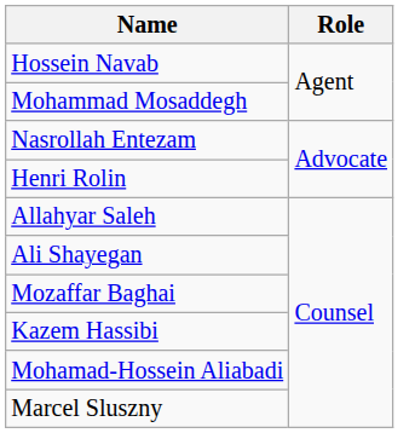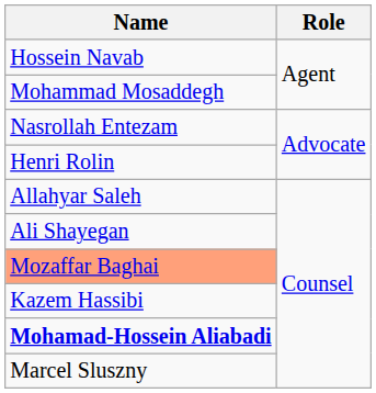 <table class="wikitable">
 <tr>
 <th>Name</th>
 <th>Role</th>
 </tr>
 <tr>
 <td> <a href='#'>Hossein Navab</a></td>
 <td rowspan=2>Agent</td>
 </tr>
 <tr>
 <td> <a href='#'>Mohammad Mosaddegh</a></td>
 </tr>
 <tr>
 <td> <a href='#'>Nasrollah Entezam</a></td>
 <td rowspan=2><a href='#'>Advocate</a></td>
 </tr>
 <tr>
 <td> <a href='#'>Henri Rolin</a></td>
 </tr>
 <tr>
 <td> <a href='#'>Allahyar Saleh</a></td>
 <td rowspan=6><a href='#'>Counsel</a></td>
 </tr>
 <tr>
 <td> <a href='#'>Ali Shayegan</a></td>
 </tr>
 <tr>
-<td> <a href='#'>Mozaffar Baghai</a></td>
+<td style="background: lightsalmon;"> <a href='#'>Mozaffar Baghai</a></td>
 </tr>
 <tr>
 <td> <a href='#'>Kazem Hassibi</a></td>
 </tr>
 <tr>
-<td> <a href='#'>Mohamad-Hossein Aliabadi</a></td>
+<td><strong> <a href='#'>Mohamad-Hossein Aliabadi</a></strong></td>
 </tr>
 <tr>
 <td> Marcel Sluszny</td>
 </tr>
 </table>
